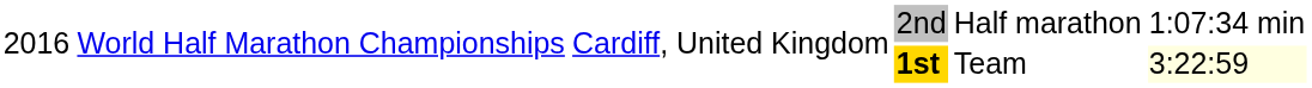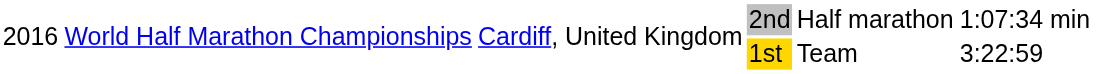 <table>
 <tr>
 <td rowspan=2>2016</td>
 <td rowspan=2><a href='#'>World Half Marathon Championships</a></td>
 <td rowspan=2><a href='#'>Cardiff</a>, United Kingdom</td>
 <td bgcolor=silver>2nd</td>
 <td>Half marathon</td>
 <td>1:07:34 min</td>
 </tr>
 <tr>
-<td bgcolor=gold><strong>1st</strong></td>
+<td bgcolor=gold>1st</td>
 <td>Team</td>
-<td style="background: lightyellow;">3:22:59</td>
+<td>3:22:59</td>
 </tr>
 </table>
